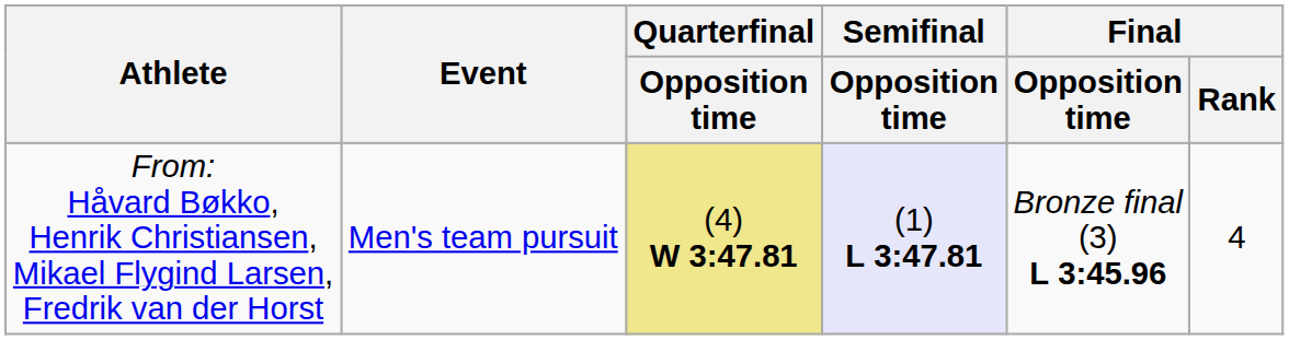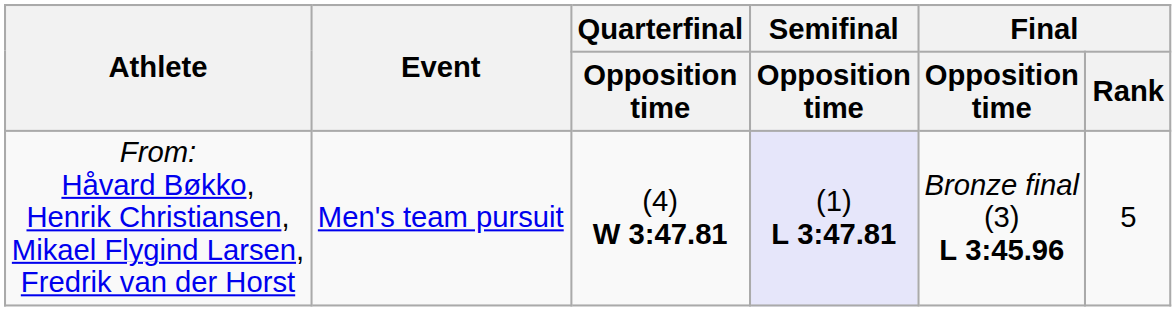 <table class=wikitable style="font-size:90%; text-align:center">
 <tr>
 <th rowspan="2">Athlete</th>
 <th rowspan="2">Event</th>
 <th>Quarterfinal</th>
 <th>Semifinal</th>
 <th colspan="2">Final</th>
 </tr>
 <tr>
 <th>Opposition <br> time</th>
 <th>Opposition <br> time</th>
 <th>Opposition <br> time</th>
 <th>Rank</th>
 </tr>
 <tr>
 <td><em>From:</em> <br> <a href='#'>Håvard Bøkko</a>,<br><a href='#'>Henrik Christiansen</a>,<br><a href='#'>Mikael Flygind Larsen</a>,<br><a href='#'>Fredrik van der Horst</a><br></td>
 <td><a href='#'>Men's team pursuit</a></td>
-<td align="center" style="background: khaki;"> (4)<br><strong>W</strong> <strong>3:47.81</strong></td>
+<td align="center"> (4)<br><strong>W</strong> <strong>3:47.81</strong></td>
 <td align="center" style="background: lavender;"> (1)<br><strong>L</strong> <strong>3:47.81</strong></td>
 <td align="center"><em>Bronze final</em> <br> (3)<br><strong>L</strong> <strong>3:45.96</strong></td>
-<td align="center">4</td>
+<td align="center">5</td>
 </tr>
 </table>
